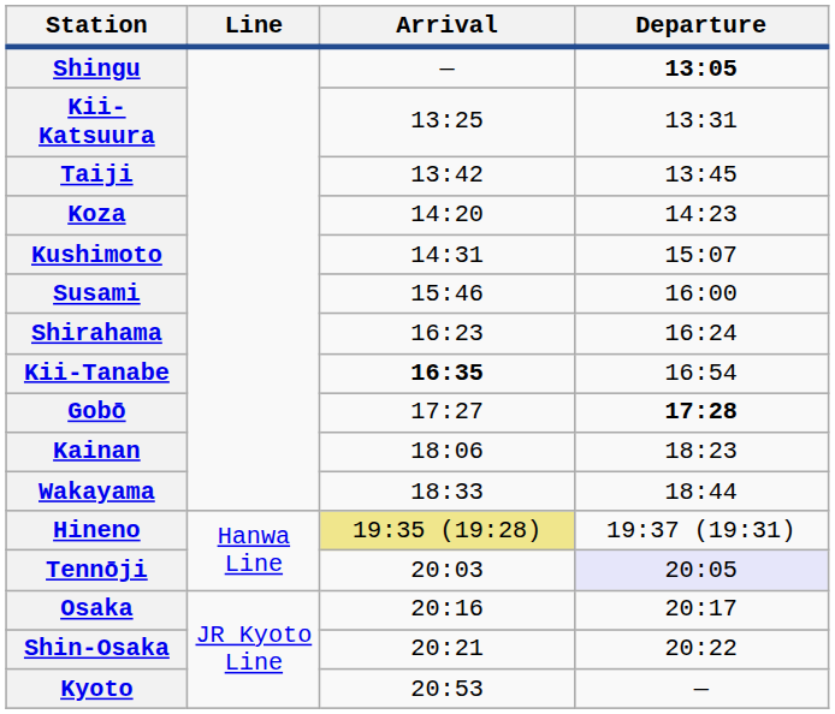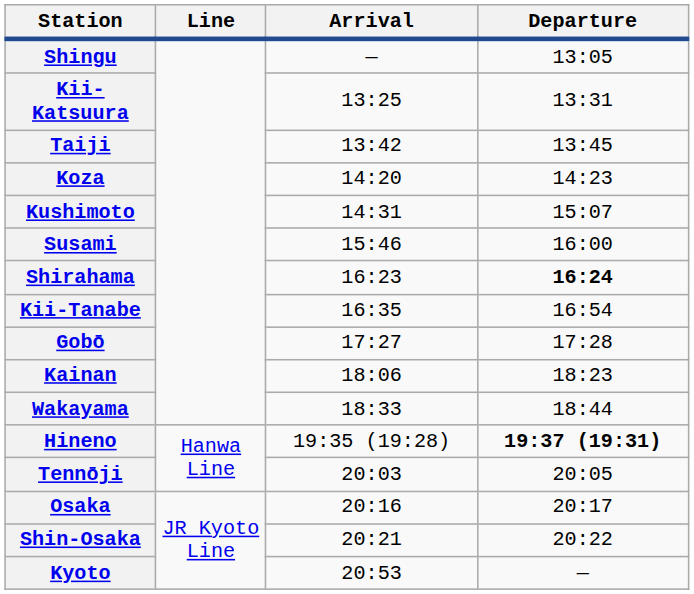 <table class="wikitable" style="text-align:center; font-size:100%; margin:1em 0em 2em 2em;">
 <tr style="border-bottom:solid 3px #224B8F;">
 <th style="width:7em;">Station</th>
 <th style="width:5em;">Line</th>
 <th style="width:10em;">Arrival</th>
 <th style="width:10em;">Departure</th>
 </tr>
 <tr>
 <th><a href='#'>Shingu</a></th>
 <td rowspan="11"></td>
 <td>—</td>
-<td><strong>13:05</strong></td>
+<td>13:05</td>
 </tr>
 <tr>
 <th><a href='#'>Kii-Katsuura</a></th>
 <td>13:25</td>
 <td>13:31</td>
 </tr>
 <tr>
 <th><a href='#'>Taiji</a></th>
 <td>13:42</td>
 <td>13:45</td>
 </tr>
 <tr>
 <th><a href='#'>Koza</a></th>
 <td>14:20</td>
 <td>14:23</td>
 </tr>
 <tr>
 <th><a href='#'>Kushimoto</a></th>
 <td>14:31</td>
 <td>15:07</td>
 </tr>
 <tr>
 <th><a href='#'>Susami</a></th>
 <td>15:46</td>
 <td>16:00</td>
 </tr>
 <tr>
 <th><a href='#'>Shirahama</a></th>
 <td>16:23</td>
-<td>16:24</td>
+<td><strong>16:24</strong></td>
 </tr>
 <tr>
 <th><a href='#'>Kii-Tanabe</a></th>
-<td><strong>16:35</strong></td>
+<td>16:35</td>
 <td>16:54</td>
 </tr>
 <tr>
 <th><a href='#'>Gobō</a></th>
 <td>17:27</td>
-<td><strong>17:28</strong></td>
+<td>17:28</td>
 </tr>
 <tr>
 <th><a href='#'>Kainan</a></th>
 <td>18:06</td>
 <td>18:23</td>
 </tr>
 <tr>
 <th><a href='#'>Wakayama</a></th>
 <td>18:33</td>
 <td>18:44</td>
 </tr>
 <tr>
 <th><a href='#'>Hineno</a></th>
 <td rowspan="2"> <a href='#'>Hanwa Line</a></td>
-<td style="background: khaki;">19:35 (19:28)</td>
-<td>19:37 (19:31)</td>
+<td>19:35 (19:28)</td>
+<td><strong>19:37 (19:31)</strong></td>
 </tr>
 <tr>
 <th><a href='#'>Tennōji</a></th>
 <td>20:03</td>
-<td style="background: lavender;">20:05</td>
+<td>20:05</td>
 </tr>
 <tr>
 <th><a href='#'>Osaka</a></th>
 <td rowspan="3"> <a href='#'>JR Kyoto Line</a></td>
 <td>20:16</td>
 <td>20:17</td>
 </tr>
 <tr>
 <th><a href='#'>Shin-Osaka</a></th>
 <td>20:21</td>
 <td>20:22</td>
 </tr>
 <tr>
 <th><a href='#'>Kyoto</a></th>
 <td>20:53</td>
 <td>—</td>
 </tr>
 </table>
